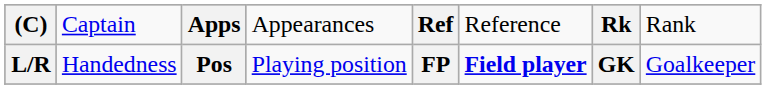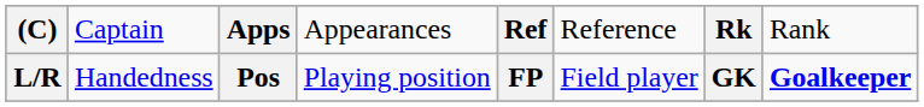 <table class="wikitable" style="text-align: left; font-size: 90%; margin-left: 1em;">
 <tr>
 <th>(C)</th>
 <td><a href='#'>Captain</a></td>
 <th>Apps</th>
 <td>Appearances</td>
 <th>Ref</th>
 <td>Reference</td>
 <th>Rk</th>
 <td>Rank</td>
 </tr>
 <tr>
 <th>L/R</th>
 <td><a href='#'>Handedness</a></td>
 <th>Pos</th>
 <td><a href='#'>Playing position</a></td>
 <th>FP</th>
-<td><strong><a href='#'>Field player</a></strong></td>
+<td><a href='#'>Field player</a></td>
 <th>GK</th>
-<td><a href='#'>Goalkeeper</a></td>
+<td><strong><a href='#'>Goalkeeper</a></strong></td>
 </tr>
 </table>
